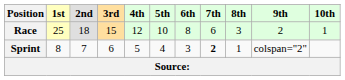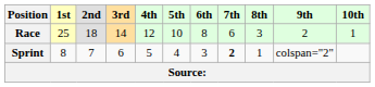 <table class="wikitable" style="font-size: 85%; text-align:center">
 <tr>
 <th>Position</th>
 <th style="background-color:#ffffbf"> 1st </th>
 <th style="background-color:#dfdfdf"> 2nd </th>
 <th style="background-color:#ffdf9f"> 3rd </th>
 <th style="background-color:#dfffdf"> 4th </th>
 <th style="background-color:#dfffdf"> 5th </th>
 <th style="background-color:#dfffdf"> 6th </th>
 <th style="background-color:#dfffdf"> 7th </th>
 <th style="background-color:#dfffdf"> 8th </th>
 <th style="background-color:#dfffdf"> 9th </th>
 <th style="background-color:#dfffdf"> 10th </th>
 </tr>
 <tr>
 <th>Race</th>
 <td style="background-color:#ffffbf">25</td>
 <td style="background-color:#dfdfdf">18</td>
-<td style="background-color:#ffdf9f">15</td>
+<td style="background-color:#ffdf9f">14</td>
 <td style="background-color:#dfffdf">12</td>
 <td style="background-color:#dfffdf">10</td>
 <td style="background-color:#dfffdf">8</td>
 <td style="background-color:#dfffdf">6</td>
 <td style="background-color:#dfffdf">3</td>
 <td style="background-color:#dfffdf">2</td>
 <td style="background-color:#dfffdf">1</td>
 </tr>
 <tr>
 <th>Sprint</th>
 <td>8</td>
 <td>7</td>
 <td>6</td>
 <td>5</td>
 <td>4</td>
 <td>3</td>
 <td><strong>2</strong></td>
 <td>1</td>
 <td>colspan="2" </td>
 </tr>
 <tr class="sortbottom">
 <th colspan="12">Source:</th>
 </tr>
 </table>
